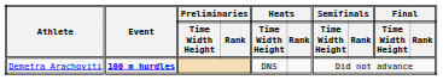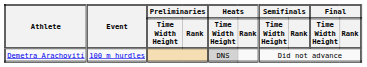 <table class=wikitable style="font-size:90%; border: double;">
 <tr>
 <th rowspan="2" style="border-right:double">Athlete</th>
 <th rowspan="2" style="border-right:double">Event</th>
 <th colspan="2" style="border-right:double; border-bottom:double;">Preliminaries</th>
 <th colspan="2" style="border-right:double; border-bottom:double;">Heats</th>
 <th colspan="2" style="border-right:double; border-bottom:double;">Semifinals</th>
 <th colspan="2" style="border-right:double; border-bottom:double;">Final</th>
 </tr>
 <tr>
 <th>Time<br>Width<br>Height</th>
 <th style="border-right:double">Rank</th>
 <th>Time<br>Width<br>Height</th>
 <th style="border-right:double">Rank</th>
 <th>Time<br>Width<br>Height</th>
 <th style="border-right:double">Rank</th>
 <th>Time<br>Width<br>Height</th>
 <th style="border-right:double">Rank</th>
 </tr>
 <tr style="border-top: double;">
 <td style="border-right:double"><a href='#'>Demetra Arachovití</a></td>
-<td style="border-right:double"><strong><a href='#'>100 m hurdles</a></strong></td>
+<td style="border-right:double"><a href='#'>100 m hurdles</a></td>
 <td style="border-right:double" colspan= 2 bgcolor="wheat"></td>
-<td align=center>DNS</td>
+<td align=center style="background: lightgrey;">DNS</td>
 <td align=center style="border-right:double"></td>
 <td colspan="4" align=center>Did not advance</td>
 </tr>
 </table>
